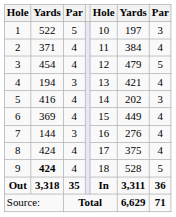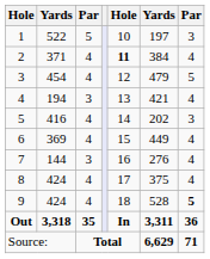 <table class="wikitable" style="text-align:center;">
 <tr>
 <th>Hole</th>
 <th>Yards</th>
 <th>Par</th>
 <th></th>
 <th>Hole</th>
 <th>Yards</th>
 <th>Par</th>
 </tr>
 <tr>
 <td>1</td>
 <td>522</td>
 <td>5</td>
 <td rowspan="10" style="background:#E6E8FA;"></td>
 <td>10</td>
 <td>197</td>
 <td>3</td>
 </tr>
 <tr>
 <td>2</td>
 <td>371</td>
 <td>4</td>
-<td>11</td>
+<td><strong>11</strong></td>
 <td>384</td>
 <td>4</td>
 </tr>
 <tr>
 <td>3</td>
 <td>454</td>
 <td>4</td>
 <td>12</td>
 <td>479</td>
 <td>5</td>
 </tr>
 <tr>
 <td>4</td>
 <td>194</td>
 <td>3</td>
 <td>13</td>
 <td>421</td>
 <td>4</td>
 </tr>
 <tr>
 <td>5</td>
 <td>416</td>
 <td>4</td>
 <td>14</td>
 <td>202</td>
 <td>3</td>
 </tr>
 <tr>
 <td>6</td>
 <td>369</td>
 <td>4</td>
 <td>15</td>
 <td>449</td>
 <td>4</td>
 </tr>
 <tr>
 <td>7</td>
 <td>144</td>
 <td>3</td>
 <td>16</td>
 <td>276</td>
 <td>4</td>
 </tr>
 <tr>
 <td>8</td>
 <td>424</td>
 <td>4</td>
 <td>17</td>
 <td>375</td>
 <td>4</td>
 </tr>
 <tr>
 <td>9</td>
-<td><strong>424</strong></td>
+<td>424</td>
 <td>4</td>
 <td>18</td>
 <td>528</td>
-<td>5</td>
+<td><strong>5</strong></td>
 </tr>
 <tr>
 <td><strong>Out</strong></td>
 <td><strong>3,318</strong></td>
 <td><strong>35</strong></td>
 <td><strong>In</strong></td>
 <td><strong>3,311</strong></td>
 <td><strong>36</strong></td>
 </tr>
 <tr>
 <td colspan="2" style="text-align:left;">Source:</td>
 <td colspan=3><strong>Total</strong></td>
 <td><strong>6,629</strong></td>
 <td><strong>71</strong></td>
 </tr>
 </table>
